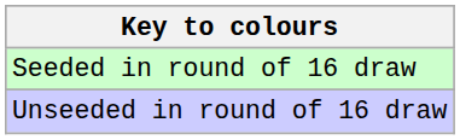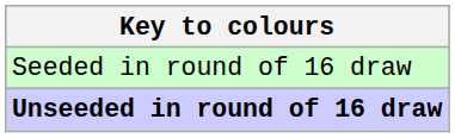 <table class="wikitable">
 <tr>
 <th>Key to colours</th>
 </tr>
 <tr bgcolor=#ccffcc>
 <td>Seeded in round of 16 draw</td>
 </tr>
 <tr bgcolor=#ccccff>
-<td>Unseeded in round of 16 draw</td>
+<td><strong>Unseeded in round of 16 draw</strong></td>
 </tr>
 </table>
